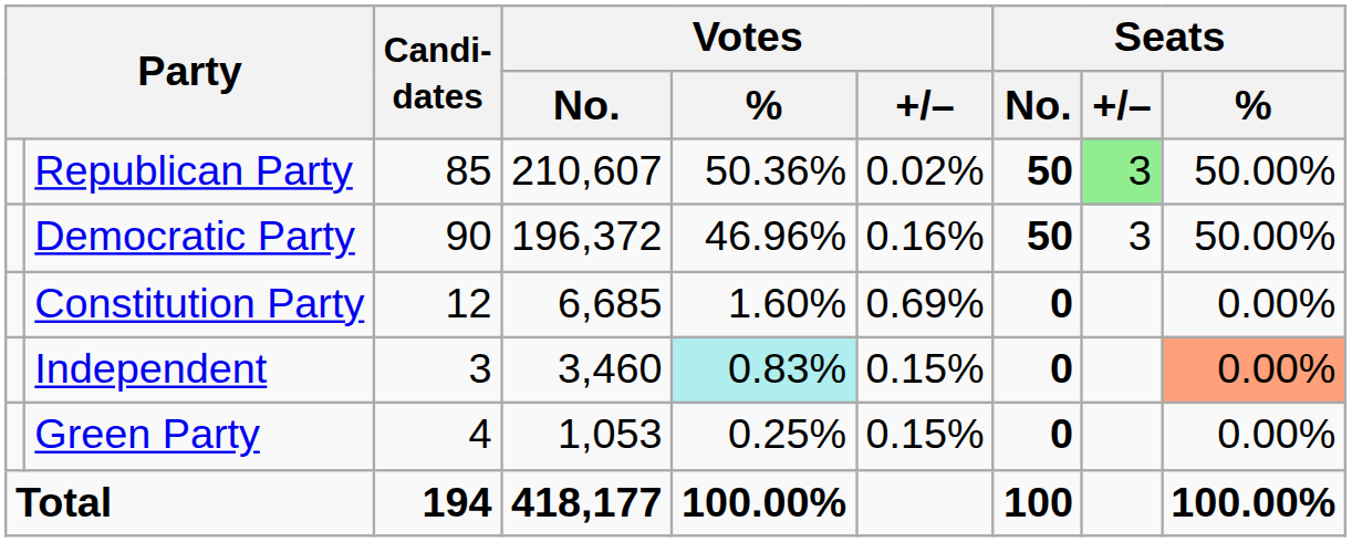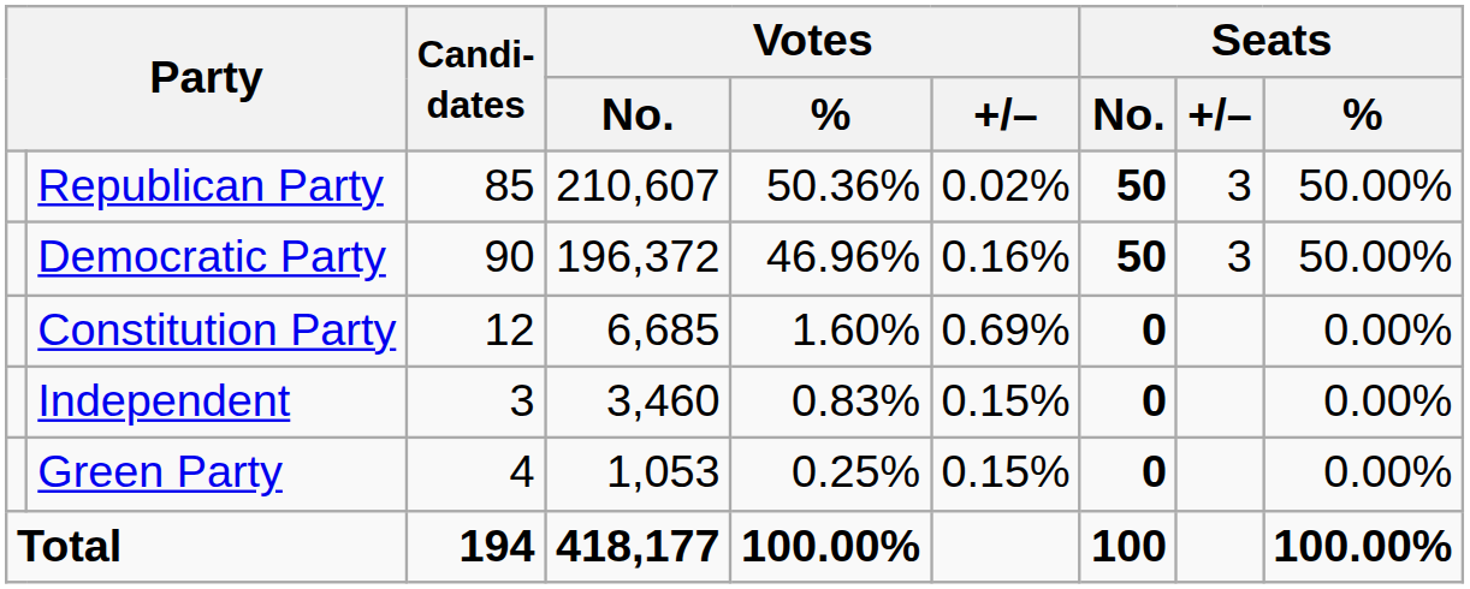 <table class="wikitable" style="font-size:100%; text-align:right;">
 <tr>
 <th colspan=2 rowspan=2>Party</th>
 <th rowspan=2><small>Candi-<br>dates</small></th>
 <th colspan=3>Votes</th>
 <th colspan=3>Seats</th>
 </tr>
 <tr>
 <th>No.</th>
 <th>%</th>
 <th>+/–</th>
 <th>No.</th>
 <th>+/–</th>
 <th>%</th>
 </tr>
 <tr>
 <td style="background:"></td>
 <td style="text-align:left"><a href='#'>Republican Party</a></td>
 <td>85</td>
 <td>210,607</td>
 <td>50.36%</td>
 <td>0.02%</td>
 <td><strong>50</strong></td>
-<td style="background: lightgreen;">3</td>
+<td>3</td>
 <td>50.00%</td>
 </tr>
 <tr>
 <td style="background:"></td>
 <td style="text-align:left"><a href='#'>Democratic Party</a></td>
 <td>90</td>
 <td>196,372</td>
 <td>46.96%</td>
 <td>0.16%</td>
 <td><strong>50</strong></td>
 <td>3</td>
 <td>50.00%</td>
 </tr>
 <tr>
 <td style="background:"></td>
 <td style="text-align:left"><a href='#'>Constitution Party</a></td>
 <td>12</td>
 <td>6,685</td>
 <td>1.60%</td>
 <td>0.69%</td>
 <td><strong>0</strong></td>
 <td></td>
 <td>0.00%</td>
 </tr>
 <tr>
 <td style="background:"></td>
 <td style="text-align:left"><a href='#'>Independent</a></td>
 <td>3</td>
 <td>3,460</td>
-<td style="background: paleturquoise;">0.83%</td>
+<td>0.83%</td>
 <td>0.15%</td>
 <td><strong>0</strong></td>
 <td></td>
-<td style="background: lightsalmon;">0.00%</td>
+<td>0.00%</td>
 </tr>
 <tr>
 <td style="background:"></td>
 <td style="text-align:left"><a href='#'>Green Party</a></td>
 <td>4</td>
 <td>1,053</td>
 <td>0.25%</td>
 <td>0.15%</td>
 <td><strong>0</strong></td>
 <td></td>
 <td>0.00%</td>
 </tr>
 <tr style="font-weight:bold">
 <td colspan=2 style="text-align:left">Total</td>
 <td>194</td>
 <td>418,177</td>
 <td>100.00%</td>
 <td></td>
 <td>100</td>
 <td></td>
 <td>100.00%</td>
 </tr>
 </table>
